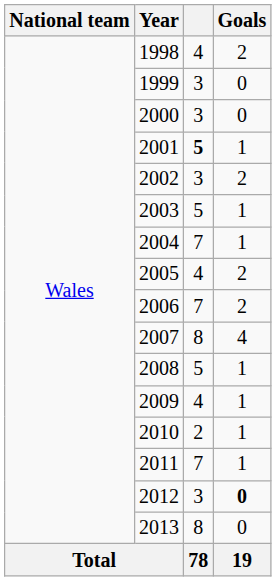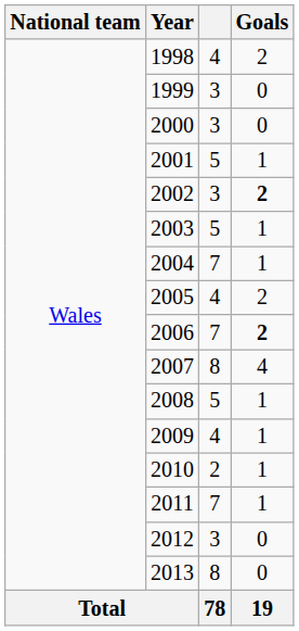 <table class="wikitable" style="text-align: center;">
 <tr>
 <th>National team</th>
 <th>Year</th>
 <th></th>
 <th>Goals</th>
 </tr>
 <tr>
 <td rowspan="16"><a href='#'>Wales</a></td>
 <td>1998</td>
 <td>4</td>
 <td>2</td>
 </tr>
 <tr>
 <td>1999</td>
 <td>3</td>
 <td>0</td>
 </tr>
 <tr>
 <td>2000</td>
 <td>3</td>
 <td>0</td>
 </tr>
 <tr>
 <td>2001</td>
-<td><strong>5</strong></td>
+<td>5</td>
 <td>1</td>
 </tr>
 <tr>
 <td>2002</td>
 <td>3</td>
-<td>2</td>
+<td><strong>2</strong></td>
 </tr>
 <tr>
 <td>2003</td>
 <td>5</td>
 <td>1</td>
 </tr>
 <tr>
 <td>2004</td>
 <td>7</td>
 <td>1</td>
 </tr>
 <tr>
 <td>2005</td>
 <td>4</td>
 <td>2</td>
 </tr>
 <tr>
 <td>2006</td>
 <td>7</td>
-<td>2</td>
+<td><strong>2</strong></td>
 </tr>
 <tr>
 <td>2007</td>
 <td>8</td>
 <td>4</td>
 </tr>
 <tr>
 <td>2008</td>
 <td>5</td>
 <td>1</td>
 </tr>
 <tr>
 <td>2009</td>
 <td>4</td>
 <td>1</td>
 </tr>
 <tr>
 <td>2010</td>
 <td>2</td>
 <td>1</td>
 </tr>
 <tr>
 <td>2011</td>
 <td>7</td>
 <td>1</td>
 </tr>
 <tr>
 <td>2012</td>
 <td>3</td>
-<td><strong>0</strong></td>
+<td>0</td>
 </tr>
 <tr>
 <td>2013</td>
 <td>8</td>
 <td>0</td>
 </tr>
 <tr>
 <th colspan="2">Total</th>
 <th>78</th>
 <th>19</th>
 </tr>
 </table>
